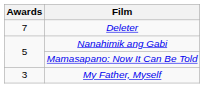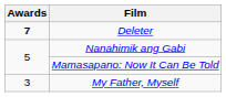 <table class="wikitable" style="text-align:center">
 <tr>
 <th scope="col">Awards</th>
 <th scope="col">Film</th>
 </tr>
 <tr>
-<td>7</td>
+<td><strong>7</strong></td>
 <td><em><a href='#'>Deleter</a></em></td>
 </tr>
 <tr>
 <td rowspan=2>5</td>
 <td><em><a href='#'>Nanahimik ang Gabi</a></em></td>
 </tr>
 <tr>
 <td><em><a href='#'>Mamasapano: Now It Can Be Told</a></em></td>
 </tr>
 <tr>
 <td>3</td>
 <td><em><a href='#'>My Father, Myself</a></em></td>
 </tr>
 </table>
